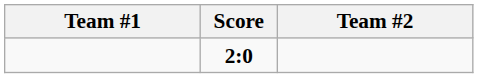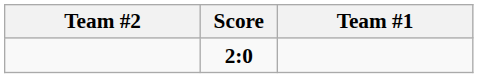 <table class="wikitable" style="text-align:center;">
 <tr>
+<th width=140>Team #2</th>
+<th width=50>Score</th>
 <th width=140>Team #1</th>
-<th width=50>Score</th>
-<th width=140>Team #2</th>
 </tr>
 <tr>
+<td style="text-align:left;"></td>
+<td><strong>2:0</strong></td>
 <td style="text-align:right;"><strong></strong></td>
-<td><strong>2:0</strong></td>
-<td style="text-align:left;"></td>
 </tr>
 </table>
